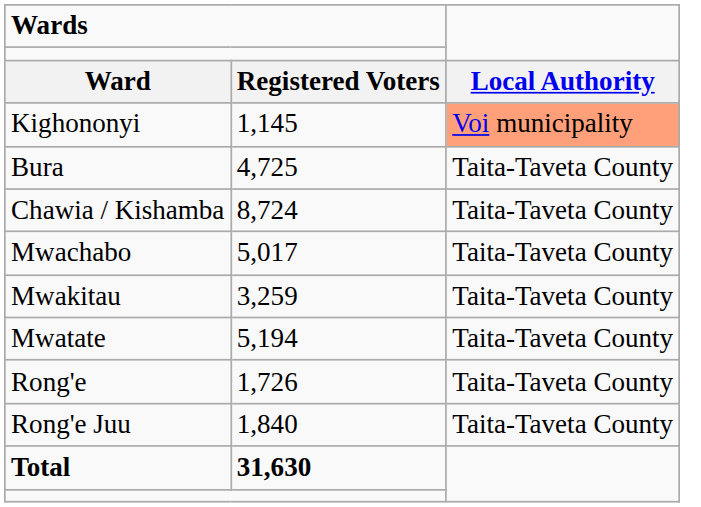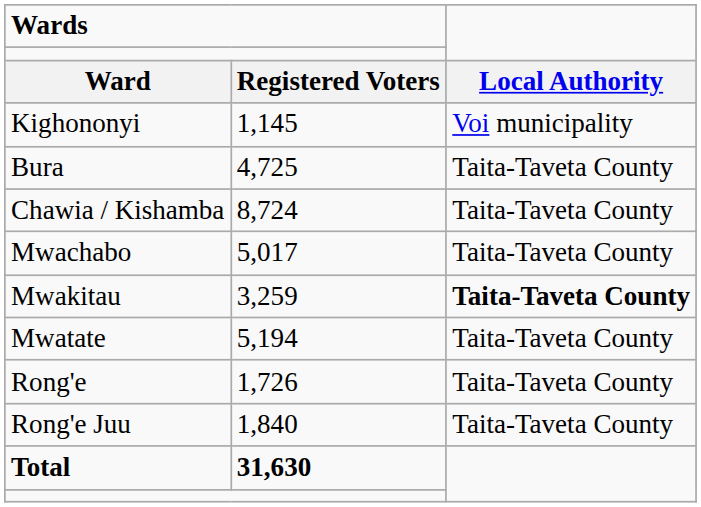 <table class="wikitable">
 <tr>
 <td colspan="2"><strong>Wards</strong></td>
 </tr>
 <tr>
 <td colspan="2"></td>
 </tr>
 <tr>
 <th>Ward</th>
 <th>Registered Voters</th>
 <th><a href='#'>Local Authority</a></th>
 </tr>
 <tr>
 <td>Kighononyi</td>
 <td>1,145</td>
-<td style="background: lightsalmon;"><a href='#'>Voi</a> municipality</td>
+<td><a href='#'>Voi</a> municipality</td>
 </tr>
 <tr>
 <td>Bura</td>
 <td>4,725</td>
 <td>Taita-Taveta County</td>
 </tr>
 <tr>
 <td>Chawia / Kishamba</td>
 <td>8,724</td>
 <td>Taita-Taveta County</td>
 </tr>
 <tr>
 <td>Mwachabo</td>
 <td>5,017</td>
 <td>Taita-Taveta County</td>
 </tr>
 <tr>
 <td>Mwakitau</td>
 <td>3,259</td>
-<td>Taita-Taveta County</td>
+<td><strong>Taita-Taveta County</strong></td>
 </tr>
 <tr>
 <td>Mwatate</td>
 <td>5,194</td>
 <td>Taita-Taveta County</td>
 </tr>
 <tr>
 <td>Rong'e</td>
 <td>1,726</td>
 <td>Taita-Taveta County</td>
 </tr>
 <tr>
 <td>Rong'e Juu</td>
 <td>1,840</td>
 <td>Taita-Taveta County</td>
 </tr>
 <tr>
 <td><strong>Total</strong></td>
 <td><strong>31,630</strong></td>
 </tr>
 <tr>
 <td colspan="2"></td>
 </tr>
 </table>
